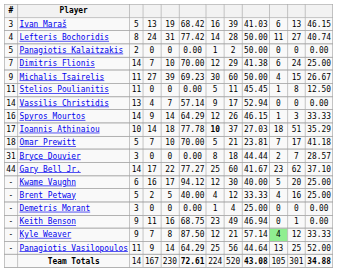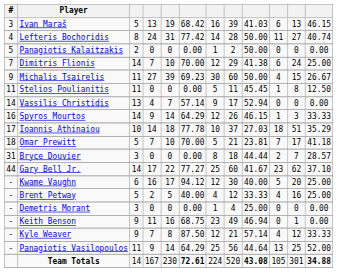 <table class="wikitable sortable" style="font-size:90%; text-align:center;">
 <tr>
 <th>#</th>
 <th>Player</th>
 <th></th>
 <th></th>
 <th></th>
 <th></th>
 <th></th>
 <th></th>
 <th></th>
 <th></th>
 <th></th>
 <th></th>
 </tr>
 <tr>
 <td>3</td>
 <td align="left"> <a href='#'>Ivan Maraš</a></td>
 <td>5</td>
 <td>13</td>
 <td>19</td>
 <td>68.42</td>
 <td>16</td>
 <td>39</td>
 <td>41.03</td>
 <td>6</td>
 <td>13</td>
 <td>46.15</td>
 </tr>
 <tr>
 </tr>
 <tr>
 <td>4</td>
 <td align="left"> <a href='#'>Lefteris Bochoridis</a></td>
 <td>8</td>
 <td>24</td>
 <td>31</td>
 <td>77.42</td>
 <td>14</td>
 <td>28</td>
 <td>50.00</td>
 <td>11</td>
 <td>27</td>
 <td>40.74</td>
 </tr>
 <tr>
 </tr>
 <tr>
 <td>5</td>
 <td align="left"> <a href='#'>Panagiotis Kalaitzakis</a></td>
 <td>2</td>
 <td>0</td>
 <td>0</td>
 <td>0.00</td>
 <td>1</td>
 <td>2</td>
 <td>50.00</td>
 <td>0</td>
 <td>0</td>
 <td>0.00</td>
 </tr>
 <tr>
 </tr>
 <tr>
 <td>7</td>
 <td align="left"> <a href='#'>Dimitris Flionis</a></td>
 <td>14</td>
 <td>7</td>
 <td>10</td>
 <td>70.00</td>
 <td>12</td>
 <td>29</td>
 <td>41.38</td>
 <td>6</td>
 <td>24</td>
 <td>25.00</td>
 </tr>
 <tr>
 </tr>
 <tr>
 <td>9</td>
 <td align="left"> <a href='#'>Michalis Tsairelis</a></td>
 <td>11</td>
 <td>27</td>
 <td>39</td>
 <td>69.23</td>
 <td>30</td>
 <td>60</td>
 <td>50.00</td>
 <td>4</td>
 <td>15</td>
 <td>26.67</td>
 </tr>
 <tr>
 </tr>
 <tr>
 <td>11</td>
 <td align="left"> <a href='#'>Stelios Poulianitis</a></td>
 <td>11</td>
 <td>0</td>
 <td>0</td>
 <td>0.00</td>
 <td>5</td>
 <td>11</td>
 <td>45.45</td>
 <td>1</td>
 <td>8</td>
 <td>12.50</td>
 </tr>
 <tr>
 </tr>
 <tr>
 <td>14</td>
 <td align="left"> <a href='#'>Vassilis Christidis</a></td>
 <td>13</td>
 <td>4</td>
 <td>7</td>
 <td>57.14</td>
 <td>9</td>
 <td>17</td>
 <td>52.94</td>
 <td>0</td>
 <td>0</td>
 <td>0.00</td>
 </tr>
 <tr>
 </tr>
 <tr>
 <td>16</td>
 <td align="left"> <a href='#'>Spyros Mourtos</a></td>
 <td>14</td>
 <td>9</td>
 <td>14</td>
 <td>64.29</td>
 <td>12</td>
 <td>26</td>
 <td>46.15</td>
 <td>1</td>
 <td>3</td>
 <td>33.33</td>
 </tr>
 <tr>
 </tr>
 <tr>
 <td>17</td>
 <td align="left"> <a href='#'>Ioannis Athinaiou</a></td>
 <td>10</td>
 <td>14</td>
 <td>18</td>
 <td>77.78</td>
-<td><strong>10</strong></td>
+<td>10</td>
 <td>37</td>
 <td>27.03</td>
 <td>18</td>
 <td>51</td>
 <td>35.29</td>
 </tr>
 <tr>
 </tr>
 <tr>
 <td>18</td>
 <td align="left"> <a href='#'>Omar Prewitt</a></td>
 <td>5</td>
 <td>7</td>
 <td>10</td>
 <td>70.00</td>
 <td>5</td>
 <td>21</td>
 <td>23.81</td>
 <td>7</td>
 <td>17</td>
 <td>41.18</td>
 </tr>
 <tr>
 </tr>
 <tr>
 <td>31</td>
 <td align="left"> <a href='#'>Bryce Douvier</a></td>
 <td>3</td>
 <td>0</td>
 <td>0</td>
 <td>0.00</td>
 <td>8</td>
 <td>18</td>
 <td>44.44</td>
 <td>2</td>
 <td>7</td>
 <td>28.57</td>
 </tr>
 <tr>
 </tr>
 <tr>
 <td>44</td>
 <td align="left"> <a href='#'>Gary Bell Jr.</a></td>
 <td>14</td>
 <td>17</td>
 <td>22</td>
 <td>77.27</td>
 <td>25</td>
 <td>60</td>
 <td>41.67</td>
 <td>23</td>
 <td>62</td>
 <td>37.10</td>
 </tr>
 <tr>
 </tr>
 <tr>
 <td>-</td>
 <td align="left"> <a href='#'>Kwame Vaughn</a></td>
 <td>6</td>
 <td>16</td>
 <td>17</td>
 <td>94.12</td>
 <td>12</td>
 <td>30</td>
 <td>40.00</td>
 <td>5</td>
 <td>20</td>
 <td>25.00</td>
 </tr>
 <tr>
 </tr>
 <tr>
 <td>-</td>
 <td align="left"> <a href='#'>Brent Petway</a></td>
 <td>5</td>
 <td>2</td>
 <td>5</td>
 <td>40.00</td>
 <td>4</td>
 <td>12</td>
 <td>33.33</td>
 <td>4</td>
 <td>16</td>
 <td>25.00</td>
 </tr>
 <tr>
 </tr>
 <tr>
 <td>-</td>
 <td align="left"> <a href='#'>Demetris Morant</a></td>
 <td>3</td>
 <td>0</td>
 <td>0</td>
 <td>0.00</td>
 <td>1</td>
 <td>4</td>
 <td>25.00</td>
 <td>0</td>
 <td>0</td>
 <td>0.00</td>
 </tr>
 <tr>
 </tr>
 <tr>
 <td>-</td>
 <td align="left"> <a href='#'>Keith Benson</a></td>
 <td>9</td>
 <td>11</td>
 <td>16</td>
 <td>68.75</td>
 <td>23</td>
 <td>49</td>
 <td>46.94</td>
 <td>0</td>
 <td>1</td>
 <td>0.00</td>
 </tr>
 <tr>
 </tr>
 <tr>
 <td>-</td>
 <td align="left"> <a href='#'>Kyle Weaver</a></td>
 <td>9</td>
 <td>7</td>
 <td>8</td>
 <td>87.50</td>
 <td>12</td>
 <td>21</td>
 <td>57.14</td>
-<td style="background: lightgreen;">4</td>
+<td>4</td>
 <td>12</td>
 <td>33.33</td>
 </tr>
 <tr>
 </tr>
 <tr>
 <td>-</td>
 <td align="left"> <a href='#'>Panagiotis Vasilopoulos</a></td>
 <td>11</td>
 <td>9</td>
 <td>14</td>
 <td>64.29</td>
 <td>25</td>
 <td>56</td>
 <td>44.64</td>
 <td>13</td>
 <td>25</td>
 <td>52.00</td>
 </tr>
 <tr>
 </tr>
 <tr>
 <td></td>
 <td><strong>Team Totals</strong></td>
 <td>14</td>
 <td>167</td>
 <td>230</td>
 <td><strong>72.61</strong></td>
 <td>224</td>
 <td>520</td>
 <td><strong>43.08</strong></td>
 <td>105</td>
 <td>301</td>
 <td><strong>34.88</strong></td>
 </tr>
 <tr>
 </tr>
 </table>
